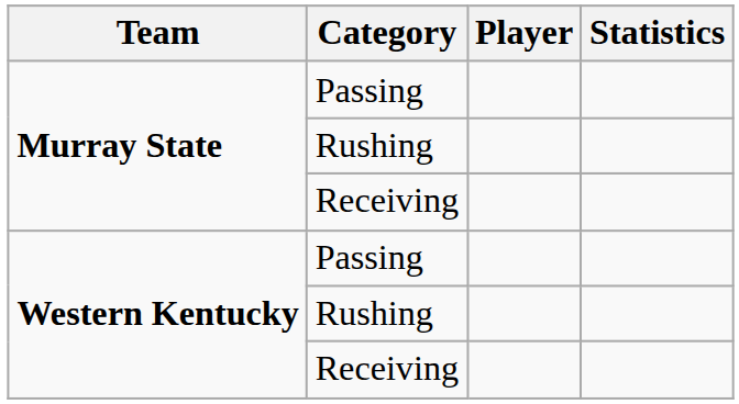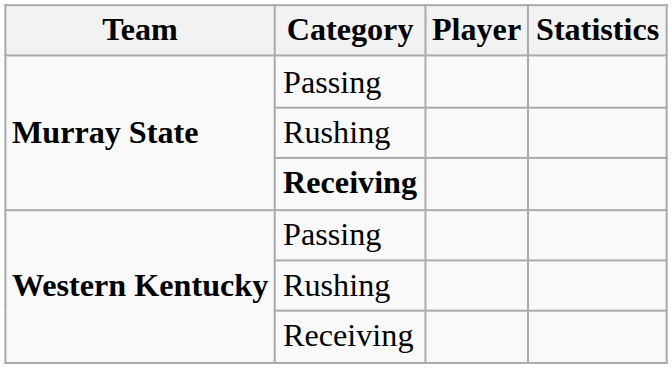 <table class="wikitable" style="float: right;">
 <tr>
 <th>Team</th>
 <th>Category</th>
 <th>Player</th>
 <th>Statistics</th>
 </tr>
 <tr>
 <td rowspan=3><strong>Murray State</strong></td>
 <td>Passing</td>
 <td></td>
 <td></td>
 </tr>
 <tr>
 <td>Rushing</td>
 <td></td>
 <td></td>
 </tr>
 <tr>
-<td>Receiving</td>
+<td><strong>Receiving</strong></td>
 <td></td>
 <td></td>
 </tr>
 <tr>
 <td rowspan=3><strong>Western Kentucky</strong></td>
 <td>Passing</td>
 <td></td>
 <td></td>
 </tr>
 <tr>
 <td>Rushing</td>
 <td></td>
 <td></td>
 </tr>
 <tr>
 <td>Receiving</td>
 <td></td>
 <td></td>
 </tr>
 </table>
